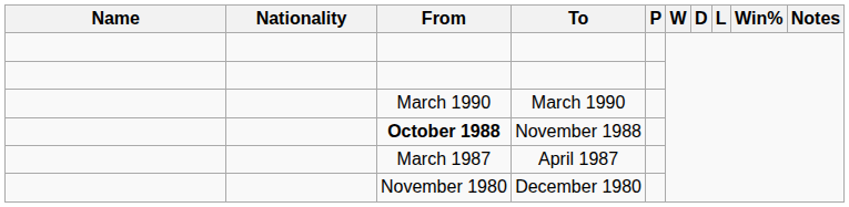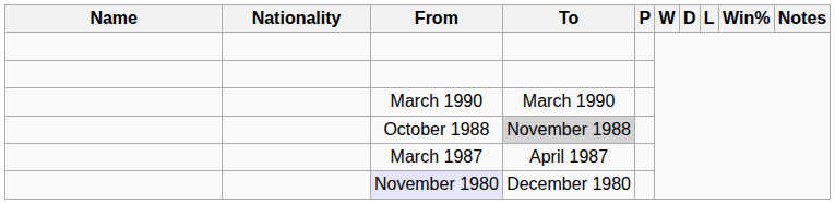 <table class="wikitable sortable" style="text-align: center;">
 <tr>
 <th style="width:12em">Name</th>
 <th style="width:8em">Nationality</th>
 <th>From</th>
 <th>To</th>
 <th>P</th>
 <th>W</th>
 <th>D</th>
 <th>L</th>
 <th>Win%</th>
 <th class="unsortable">Notes</th>
 </tr>
 <tr>
 <td align=left></td>
 <td align=left></td>
 <td></td>
 <td><br></td>
 <td></td>
 </tr>
 <tr>
 <td align=left></td>
 <td align=left></td>
 <td></td>
 <td><br></td>
 <td></td>
 </tr>
 <tr>
 <td align=left></td>
 <td align=left></td>
 <td>March 1990</td>
 <td>March 1990<br></td>
 <td></td>
 </tr>
 <tr>
 <td align=left></td>
 <td align=left></td>
-<td><strong>October 1988</strong></td>
-<td>November 1988<br></td>
+<td>October 1988</td>
+<td style="background: lightgrey;">November 1988<br></td>
 <td></td>
 </tr>
 <tr>
 <td align=left></td>
 <td align=left></td>
 <td>March 1987</td>
 <td>April 1987<br></td>
 <td></td>
 </tr>
 <tr>
 <td align=left></td>
 <td align=left></td>
-<td>November 1980</td>
+<td style="background: lavender;">November 1980</td>
 <td>December 1980<br></td>
 <td></td>
 </tr>
 <tr>
 </tr>
 </table>
